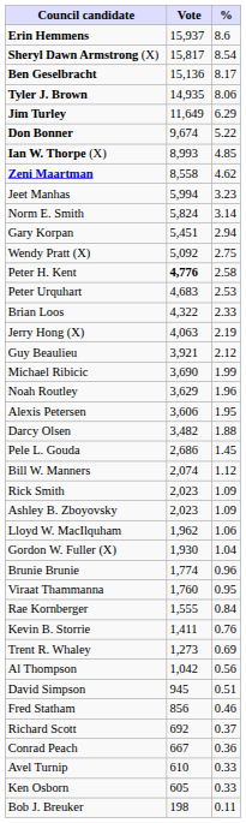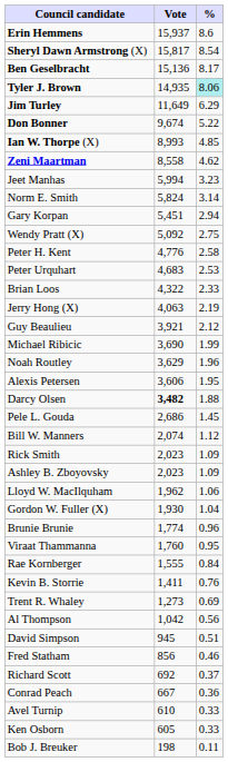 <table class="wikitable">
 <tr>
 <th style="background:#ddf;" width="200px">Council candidate</th>
 <th style="background:#ddf;" width="50px">Vote</th>
 <th style="background:#ddf;" width="30px">%</th>
 </tr>
 <tr>
 <td><strong>Erin Hemmens</strong></td>
 <td>15,937</td>
 <td>8.6</td>
 </tr>
 <tr>
 <td><strong>Sheryl Dawn Armstrong</strong> (X)</td>
 <td>15,817</td>
 <td>8.54</td>
 </tr>
 <tr>
 <td><strong>Ben Geselbracht</strong></td>
 <td>15,136</td>
 <td>8.17</td>
 </tr>
 <tr>
 <td><strong>Tyler J. Brown</strong></td>
 <td>14,935</td>
-<td>8.06</td>
+<td style="background: paleturquoise;">8.06</td>
 </tr>
 <tr>
 <td><strong>Jim Turley</strong></td>
 <td>11,649</td>
 <td>6.29</td>
 </tr>
 <tr>
 <td><strong>Don Bonner</strong></td>
 <td>9,674</td>
 <td>5.22</td>
 </tr>
 <tr>
 <td><strong>Ian W. Thorpe</strong> (X)</td>
 <td>8,993</td>
 <td>4.85</td>
 </tr>
 <tr>
 <td><strong><a href='#'>Zeni Maartman</a></strong></td>
 <td>8,558</td>
 <td>4.62</td>
 </tr>
 <tr>
 <td>Jeet Manhas</td>
 <td>5,994</td>
 <td>3.23</td>
 </tr>
 <tr>
 <td>Norm E. Smith</td>
 <td>5,824</td>
 <td>3.14</td>
 </tr>
 <tr>
 <td>Gary Korpan</td>
 <td>5,451</td>
 <td>2.94</td>
 </tr>
 <tr>
 <td>Wendy Pratt (X)</td>
 <td>5,092</td>
 <td>2.75</td>
 </tr>
 <tr>
 <td>Peter H. Kent</td>
-<td><strong>4,776</strong></td>
+<td>4,776</td>
 <td>2.58</td>
 </tr>
 <tr>
 <td>Peter Urquhart</td>
 <td>4,683</td>
 <td>2.53</td>
 </tr>
 <tr>
 <td>Brian Loos</td>
 <td>4,322</td>
 <td>2.33</td>
 </tr>
 <tr>
 <td>Jerry Hong (X)</td>
 <td>4,063</td>
 <td>2.19</td>
 </tr>
 <tr>
 <td>Guy Beaulieu</td>
 <td>3,921</td>
 <td>2.12</td>
 </tr>
 <tr>
 <td>Michael Ribicic</td>
 <td>3,690</td>
 <td>1.99</td>
 </tr>
 <tr>
 <td>Noah Routley</td>
 <td>3,629</td>
 <td>1.96</td>
 </tr>
 <tr>
 <td>Alexis Petersen</td>
 <td>3,606</td>
 <td>1.95</td>
 </tr>
 <tr>
 <td>Darcy Olsen</td>
-<td>3,482</td>
+<td><strong>3,482</strong></td>
 <td>1.88</td>
 </tr>
 <tr>
 <td>Pele L. Gouda</td>
 <td>2,686</td>
 <td>1.45</td>
 </tr>
 <tr>
 <td>Bill W. Manners</td>
 <td>2,074</td>
 <td>1.12</td>
 </tr>
 <tr>
 <td>Rick Smith</td>
 <td>2,023</td>
 <td>1.09</td>
 </tr>
 <tr>
 <td>Ashley B. Zboyovsky</td>
 <td>2,023</td>
 <td>1.09</td>
 </tr>
 <tr>
 <td>Lloyd W. MacIlquham</td>
 <td>1,962</td>
 <td>1.06</td>
 </tr>
 <tr>
 <td>Gordon W. Fuller (X)</td>
 <td>1,930</td>
 <td>1.04</td>
 </tr>
 <tr>
 <td>Brunie Brunie</td>
 <td>1,774</td>
 <td>0.96</td>
 </tr>
 <tr>
 <td>Viraat Thammanna</td>
 <td>1,760</td>
 <td>0.95</td>
 </tr>
 <tr>
 <td>Rae Kornberger</td>
 <td>1,555</td>
 <td>0.84</td>
 </tr>
 <tr>
 <td>Kevin B. Storrie</td>
 <td>1,411</td>
 <td>0.76</td>
 </tr>
 <tr>
 <td>Trent R. Whaley</td>
 <td>1,273</td>
 <td>0.69</td>
 </tr>
 <tr>
 <td>Al Thompson</td>
 <td>1,042</td>
 <td>0.56</td>
 </tr>
 <tr>
 <td>David Simpson</td>
 <td>945</td>
 <td>0.51</td>
 </tr>
 <tr>
 <td>Fred Statham</td>
 <td>856</td>
 <td>0.46</td>
 </tr>
 <tr>
 <td>Richard Scott</td>
 <td>692</td>
 <td>0.37</td>
 </tr>
 <tr>
 <td>Conrad Peach</td>
 <td>667</td>
 <td>0.36</td>
 </tr>
 <tr>
 <td>Avel Turnip</td>
 <td>610</td>
 <td>0.33</td>
 </tr>
 <tr>
 <td>Ken Osborn</td>
 <td>605</td>
 <td>0.33</td>
 </tr>
 <tr>
 <td>Bob J. Breuker</td>
 <td>198</td>
 <td>0.11</td>
 </tr>
 </table>
